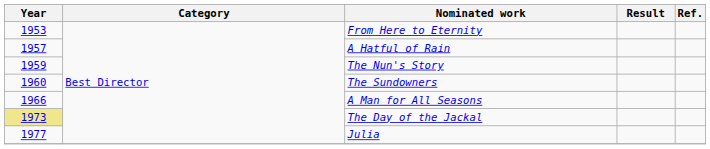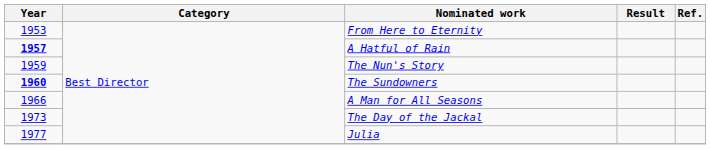 <table class=wikitable>
 <tr>
 <th scope="col" style="width:5em;">Year</th>
 <th scope="col" style="width:26em;">Category</th>
 <th scope="col" style="width:25em;">Nominated work</th>
 <th scope="col" style="width:5em;">Result</th>
 <th>Ref.</th>
 </tr>
 <tr>
 <td style="text-align:center;"><a href='#'>1953</a></td>
 <td rowspan=7><a href='#'>Best Director</a></td>
 <td><em><a href='#'>From Here to Eternity</a></em></td>
 <td></td>
 <td></td>
 </tr>
 <tr>
-<td style="text-align:center;"><a href='#'>1957</a></td>
+<td style="text-align:center;"><strong><a href='#'>1957</a></strong></td>
 <td><em><a href='#'>A Hatful of Rain</a></em></td>
 <td></td>
 <td></td>
 </tr>
 <tr>
 <td style="text-align:center;"><a href='#'>1959</a></td>
 <td><em><a href='#'>The Nun's Story</a></em></td>
 <td></td>
 <td></td>
 </tr>
 <tr>
-<td style="text-align:center;"><a href='#'>1960</a></td>
+<td style="text-align:center;"><strong><a href='#'>1960</a></strong></td>
 <td><em><a href='#'>The Sundowners</a></em></td>
 <td></td>
 <td></td>
 </tr>
 <tr>
 <td style="text-align:center;"><a href='#'>1966</a></td>
 <td><em><a href='#'>A Man for All Seasons</a></em></td>
 <td></td>
 <td></td>
 </tr>
 <tr>
-<td style="background: khaki; text-align:center;"><a href='#'>1973</a></td>
+<td style="text-align:center;"><a href='#'>1973</a></td>
 <td><em><a href='#'>The Day of the Jackal</a></em></td>
 <td></td>
 <td></td>
 </tr>
 <tr>
 <td style="text-align:center;"><a href='#'>1977</a></td>
 <td><em><a href='#'>Julia</a></em></td>
 <td></td>
 <td></td>
 </tr>
 <tr>
 </tr>
 </table>
